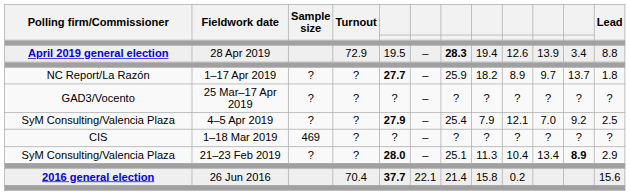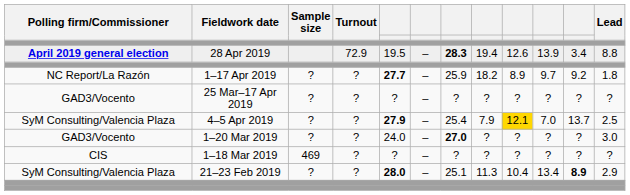 <table class="wikitable collapsible collapsed" style="text-align:center; font-size:95%; line-height:16px;">
 <tr style="height:42px;">
 <th style="width:250px;" rowspan="2">Polling firm/Commissioner</th>
 <th style="width:125px;" rowspan="2">Fieldwork date</th>
 <th style="width:50px;" rowspan="2">Sample size</th>
 <th style="width:45px;" rowspan="2">Turnout</th>
 <th style="width:35px;"></th>
 <th style="width:35px;"></th>
 <th style="width:35px;"></th>
 <th style="width:35px;"></th>
 <th style="width:35px;"></th>
 <th style="width:35px;"></th>
 <th style="width:35px;"></th>
 <th style="width:30px;" rowspan="2">Lead</th>
 </tr>
 <tr>
 <th style="color:inherit;background:"></th>
 <th style="color:inherit;background:"></th>
 <th style="color:inherit;background:"></th>
 <th style="color:inherit;background:"></th>
 <th style="color:inherit;background:"></th>
 <th style="color:inherit;background:"></th>
 <th style="color:inherit;background:"></th>
 </tr>
 <tr>
 <td colspan="12" style="background:#A0A0A0"></td>
 </tr>
 <tr style="background:#EFEFEF;">
 <td><strong><a href='#'>April 2019 general election</a></strong></td>
 <td>28 Apr 2019</td>
 <td></td>
 <td>72.9</td>
 <td>19.5<br></td>
 <td>–</td>
 <td><strong>28.3</strong><br></td>
 <td>19.4<br></td>
 <td>12.6<br></td>
 <td>13.9<br></td>
 <td>3.4<br></td>
 <td style="background:">8.8</td>
 </tr>
 <tr>
 <td colspan="12" style="background:#A0A0A0"></td>
 </tr>
 <tr>
 <td>NC Report/La Razón</td>
 <td>1–17 Apr 2019</td>
 <td>?</td>
 <td>?</td>
 <td><strong>27.7</strong><br></td>
 <td>–</td>
 <td>25.9<br></td>
 <td>18.2<br></td>
 <td>8.9<br></td>
 <td>9.7<br></td>
-<td>13.7<br></td>
+<td>9.2<br></td>
 <td style="background:">1.8</td>
 </tr>
 <tr>
 <td>GAD3/Vocento</td>
 <td>25 Mar–17 Apr 2019</td>
 <td>?</td>
 <td>?</td>
 <td>?<br></td>
 <td>–</td>
 <td>?<br></td>
 <td>?<br></td>
 <td>?<br></td>
 <td>?<br></td>
 <td>?<br></td>
 <td style="background:">?</td>
 </tr>
 <tr>
 <td>SyM Consulting/Valencia Plaza</td>
 <td>4–5 Apr 2019</td>
 <td>?</td>
 <td>?</td>
 <td><strong>27.9</strong><br></td>
 <td>–</td>
 <td>25.4<br></td>
 <td>7.9<br></td>
-<td>12.1<br></td>
+<td style="background: gold;">12.1<br></td>
 <td>7.0<br></td>
-<td>9.2<br></td>
+<td>13.7<br></td>
 <td style="background:">2.5</td>
+</tr>
+<tr>
+<td>GAD3/Vocento</td>
+<td>1–20 Mar 2019</td>
+<td>?</td>
+<td>?</td>
+<td>24.0<br></td>
+<td>–</td>
+<td><strong>27.0</strong><br></td>
+<td>?<br></td>
+<td>?<br></td>
+<td>?<br></td>
+<td>?<br></td>
+<td style="background:">3.0</td>
 </tr>
 <tr>
 <td>CIS</td>
 <td>1–18 Mar 2019</td>
 <td>469</td>
 <td>?</td>
 <td>?<br></td>
 <td>–</td>
 <td>?<br></td>
 <td>?<br></td>
 <td>?<br></td>
 <td>?<br></td>
 <td>?<br></td>
 <td style="background:">?</td>
 </tr>
 <tr>
 <td>SyM Consulting/Valencia Plaza</td>
 <td>21–23 Feb 2019</td>
 <td>?</td>
 <td>?</td>
 <td><strong>28.0</strong><br></td>
 <td>–</td>
 <td>25.1<br></td>
 <td>11.3<br></td>
 <td>10.4<br></td>
 <td>13.4<br></td>
 <td><strong>8.9<br></strong></td>
 <td style="background:">2.9</td>
 </tr>
 <tr>
 <td colspan="12" style="background:#A0A0A0"></td>
 </tr>
-<tr style="background:#EFEFEF;">
-<td><strong><a href='#'>2016 general election</a></strong></td>
-<td>26 Jun 2016</td>
-<td></td>
-<td>70.4</td>
-<td><strong>37.7</strong><br></td>
-<td>22.1<br></td>
-<td>21.4<br></td>
-<td>15.8<br></td>
-<td>0.2<br></td>
-<td></td>
-<td></td>
-<td style="background:">15.6</td>
-</tr>
 <tr>
 <td colspan="12" style="background:#A0A0A0"></td>
 </tr>
 </table>
